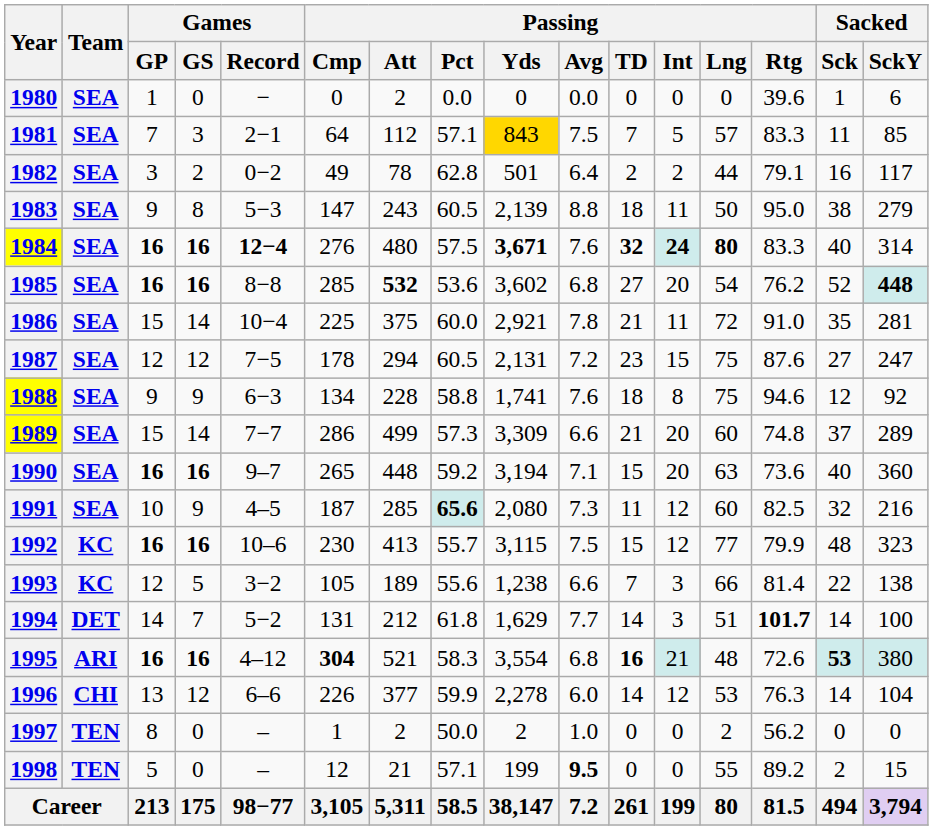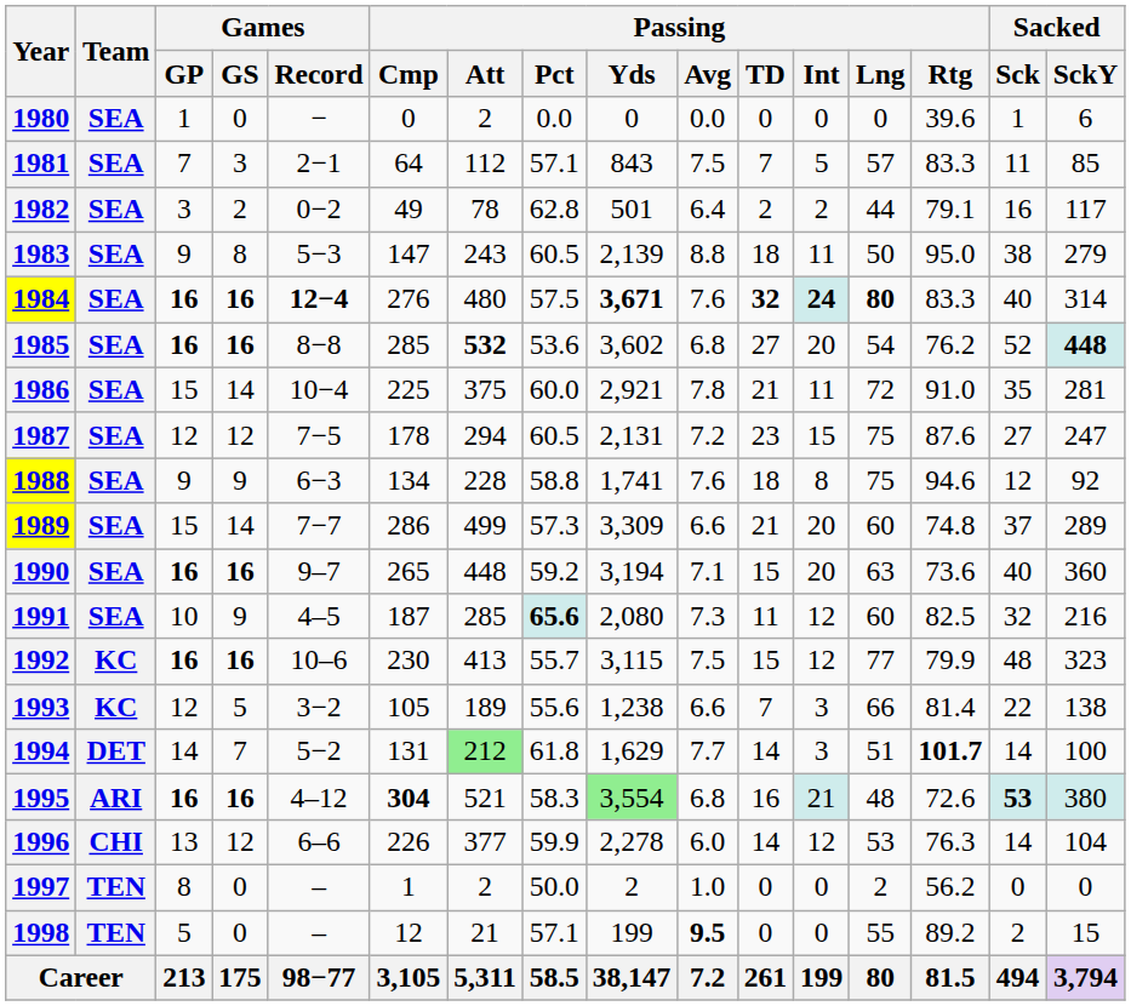 <table class="wikitable" style="text-align:center">
 <tr>
 <th rowspan="2">Year</th>
 <th rowspan="2">Team</th>
 <th colspan="3">Games</th>
 <th colspan="9">Passing</th>
 <th colspan="2">Sacked</th>
 </tr>
 <tr>
 <th>GP</th>
 <th>GS</th>
 <th>Record</th>
 <th>Cmp</th>
 <th>Att</th>
 <th>Pct</th>
 <th>Yds</th>
 <th>Avg</th>
 <th>TD</th>
 <th>Int</th>
 <th>Lng</th>
 <th>Rtg</th>
 <th>Sck</th>
 <th>SckY</th>
 </tr>
 <tr>
 <th><a href='#'>1980</a></th>
 <th><a href='#'>SEA</a></th>
 <td>1</td>
 <td>0</td>
 <td>−</td>
 <td>0</td>
 <td>2</td>
 <td>0.0</td>
 <td>0</td>
 <td>0.0</td>
 <td>0</td>
 <td>0</td>
 <td>0</td>
 <td>39.6</td>
 <td>1</td>
 <td>6</td>
 </tr>
 <tr>
 <th><a href='#'>1981</a></th>
 <th><a href='#'>SEA</a></th>
 <td>7</td>
 <td>3</td>
 <td>2−1</td>
 <td>64</td>
 <td>112</td>
 <td>57.1</td>
-<td style="background: gold;">843</td>
+<td>843</td>
 <td>7.5</td>
 <td>7</td>
 <td>5</td>
 <td>57</td>
 <td>83.3</td>
 <td>11</td>
 <td>85</td>
 </tr>
 <tr>
 <th><a href='#'>1982</a></th>
 <th><a href='#'>SEA</a></th>
 <td>3</td>
 <td>2</td>
 <td>0−2</td>
 <td>49</td>
 <td>78</td>
 <td>62.8</td>
 <td>501</td>
 <td>6.4</td>
 <td>2</td>
 <td>2</td>
 <td>44</td>
 <td>79.1</td>
 <td>16</td>
 <td>117</td>
 </tr>
 <tr>
 <th><a href='#'>1983</a></th>
 <th><a href='#'>SEA</a></th>
 <td>9</td>
 <td>8</td>
 <td>5−3</td>
 <td>147</td>
 <td>243</td>
 <td>60.5</td>
 <td>2,139</td>
 <td>8.8</td>
 <td>18</td>
 <td>11</td>
 <td>50</td>
 <td>95.0</td>
 <td>38</td>
 <td>279</td>
 </tr>
 <tr>
 <th style="background:#ffff00"><a href='#'>1984</a></th>
 <th><a href='#'>SEA</a></th>
 <td><strong>16</strong></td>
 <td><strong>16</strong></td>
 <td><strong>12−4</strong></td>
 <td>276</td>
 <td>480</td>
 <td>57.5</td>
 <td><strong>3,671</strong></td>
 <td>7.6</td>
 <td><strong>32</strong></td>
 <td style="background:#cfecec;"><strong>24</strong></td>
 <td><strong>80</strong></td>
 <td>83.3</td>
 <td>40</td>
 <td>314</td>
 </tr>
 <tr>
 <th><a href='#'>1985</a></th>
 <th><a href='#'>SEA</a></th>
 <td><strong>16</strong></td>
 <td><strong>16</strong></td>
 <td>8−8</td>
 <td>285</td>
 <td><strong>532</strong></td>
 <td>53.6</td>
 <td>3,602</td>
 <td>6.8</td>
 <td>27</td>
 <td>20</td>
 <td>54</td>
 <td>76.2</td>
 <td>52</td>
 <td style="background:#cfecec;"><strong>448</strong></td>
 </tr>
 <tr>
 <th><a href='#'>1986</a></th>
 <th><a href='#'>SEA</a></th>
 <td>15</td>
 <td>14</td>
 <td>10−4</td>
 <td>225</td>
 <td>375</td>
 <td>60.0</td>
 <td>2,921</td>
 <td>7.8</td>
 <td>21</td>
 <td>11</td>
 <td>72</td>
 <td>91.0</td>
 <td>35</td>
 <td>281</td>
 </tr>
 <tr>
 <th><a href='#'>1987</a></th>
 <th><a href='#'>SEA</a></th>
 <td>12</td>
 <td>12</td>
 <td>7−5</td>
 <td>178</td>
 <td>294</td>
 <td>60.5</td>
 <td>2,131</td>
 <td>7.2</td>
 <td>23</td>
 <td>15</td>
 <td>75</td>
 <td>87.6</td>
 <td>27</td>
 <td>247</td>
 </tr>
 <tr>
 <th style="background:#ffff00;"><a href='#'>1988</a></th>
 <th><a href='#'>SEA</a></th>
 <td>9</td>
 <td>9</td>
 <td>6−3</td>
 <td>134</td>
 <td>228</td>
 <td>58.8</td>
 <td>1,741</td>
 <td>7.6</td>
 <td>18</td>
 <td>8</td>
 <td>75</td>
 <td>94.6</td>
 <td>12</td>
 <td>92</td>
 </tr>
 <tr>
 <th style="background:#ffff00"><a href='#'>1989</a></th>
 <th><a href='#'>SEA</a></th>
 <td>15</td>
 <td>14</td>
 <td>7−7</td>
 <td>286</td>
 <td>499</td>
 <td>57.3</td>
 <td>3,309</td>
 <td>6.6</td>
 <td>21</td>
 <td>20</td>
 <td>60</td>
 <td>74.8</td>
 <td>37</td>
 <td>289</td>
 </tr>
 <tr>
 <th><a href='#'>1990</a></th>
 <th><a href='#'>SEA</a></th>
 <td><strong>16</strong></td>
 <td><strong>16</strong></td>
 <td>9–7</td>
 <td>265</td>
 <td>448</td>
 <td>59.2</td>
 <td>3,194</td>
 <td>7.1</td>
 <td>15</td>
 <td>20</td>
 <td>63</td>
 <td>73.6</td>
 <td>40</td>
 <td>360</td>
 </tr>
 <tr>
 <th><a href='#'>1991</a></th>
 <th><a href='#'>SEA</a></th>
 <td>10</td>
 <td>9</td>
 <td>4–5</td>
 <td>187</td>
 <td>285</td>
 <td style="background:#cfecec;"><strong>65.6</strong></td>
 <td>2,080</td>
 <td>7.3</td>
 <td>11</td>
 <td>12</td>
 <td>60</td>
 <td>82.5</td>
 <td>32</td>
 <td>216</td>
 </tr>
 <tr>
 <th><a href='#'>1992</a></th>
 <th><a href='#'>KC</a></th>
 <td><strong>16</strong></td>
 <td><strong>16</strong></td>
 <td>10–6</td>
 <td>230</td>
 <td>413</td>
 <td>55.7</td>
 <td>3,115</td>
 <td>7.5</td>
 <td>15</td>
 <td>12</td>
 <td>77</td>
 <td>79.9</td>
 <td>48</td>
 <td>323</td>
 </tr>
 <tr>
 <th><a href='#'>1993</a></th>
 <th><a href='#'>KC</a></th>
 <td>12</td>
 <td>5</td>
 <td>3−2</td>
 <td>105</td>
 <td>189</td>
 <td>55.6</td>
 <td>1,238</td>
 <td>6.6</td>
 <td>7</td>
 <td>3</td>
 <td>66</td>
 <td>81.4</td>
 <td>22</td>
 <td>138</td>
 </tr>
 <tr>
 <th><a href='#'>1994</a></th>
 <th><a href='#'>DET</a></th>
 <td>14</td>
 <td>7</td>
 <td>5−2</td>
 <td>131</td>
-<td>212</td>
+<td style="background: lightgreen;">212</td>
 <td>61.8</td>
 <td>1,629</td>
 <td>7.7</td>
 <td>14</td>
 <td>3</td>
 <td>51</td>
 <td><strong>101.7</strong></td>
 <td>14</td>
 <td>100</td>
 </tr>
 <tr>
 <th><a href='#'>1995</a></th>
 <th><a href='#'>ARI</a></th>
 <td><strong>16</strong></td>
 <td><strong>16</strong></td>
 <td>4–12</td>
 <td><strong>304</strong></td>
 <td>521</td>
 <td>58.3</td>
-<td>3,554</td>
+<td style="background: lightgreen;">3,554</td>
 <td>6.8</td>
-<td><strong>16</strong></td>
+<td>16</td>
 <td style="background:#cfecec;">21</td>
 <td>48</td>
 <td>72.6</td>
 <td style="background:#cfecec;"><strong>53</strong></td>
 <td style="background:#cfecec;">380</td>
 </tr>
 <tr>
 <th><a href='#'>1996</a></th>
 <th><a href='#'>CHI</a></th>
 <td>13</td>
 <td>12</td>
 <td>6–6</td>
 <td>226</td>
 <td>377</td>
 <td>59.9</td>
 <td>2,278</td>
 <td>6.0</td>
 <td>14</td>
 <td>12</td>
 <td>53</td>
 <td>76.3</td>
 <td>14</td>
 <td>104</td>
 </tr>
 <tr>
 <th><a href='#'>1997</a></th>
 <th><a href='#'>TEN</a></th>
 <td>8</td>
 <td>0</td>
 <td>–</td>
 <td>1</td>
 <td>2</td>
 <td>50.0</td>
 <td>2</td>
 <td>1.0</td>
 <td>0</td>
 <td>0</td>
 <td>2</td>
 <td>56.2</td>
 <td>0</td>
 <td>0</td>
 </tr>
 <tr>
 <th><a href='#'>1998</a></th>
 <th><a href='#'>TEN</a></th>
 <td>5</td>
 <td>0</td>
 <td>–</td>
 <td>12</td>
 <td>21</td>
 <td>57.1</td>
 <td>199</td>
 <td><strong>9.5</strong></td>
 <td>0</td>
 <td>0</td>
 <td>55</td>
 <td>89.2</td>
 <td>2</td>
 <td>15</td>
 </tr>
 <tr>
 <th colspan="2">Career</th>
 <th>213</th>
 <th>175</th>
 <th>98−77</th>
 <th>3,105</th>
 <th>5,311</th>
 <th>58.5</th>
 <th>38,147</th>
 <th>7.2</th>
 <th>261</th>
 <th>199</th>
 <th>80</th>
 <th>81.5</th>
 <th>494</th>
 <th style="background:#e0cef2;">3,794</th>
 </tr>
 </table>
